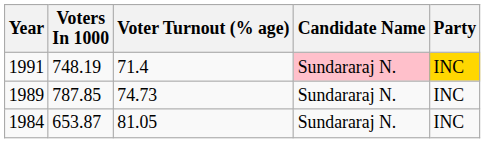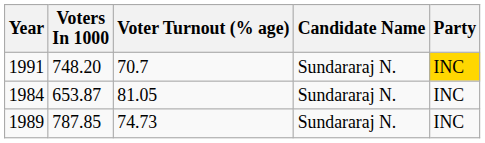 <table class="wikitable">
 <tr>
 <th>Year</th>
 <th>Voters<br>In 1000</th>
 <th>Voter Turnout (% age)</th>
 <th>Candidate Name</th>
 <th>Party</th>
 </tr>
 <tr>
 <td>1991</td>
-<td>748.19</td>
-<td>71.4</td>
-<td style="background: pink;">Sundararaj N.</td>
+<td>748.20</td>
+<td>70.7</td>
+<td>Sundararaj N.</td>
 <td style="background: gold;">INC</td>
+</tr>
+<tr>
+<td>1984</td>
+<td>653.87</td>
+<td>81.05</td>
+<td>Sundararaj N.</td>
+<td>INC</td>
 </tr>
 <tr>
 <td>1989</td>
 <td>787.85</td>
 <td>74.73</td>
 <td>Sundararaj N.</td>
 <td>INC</td>
 </tr>
-<tr>
-<td>1984</td>
-<td>653.87</td>
-<td>81.05</td>
-<td>Sundararaj N.</td>
-<td>INC</td>
-</tr>
 </table>
